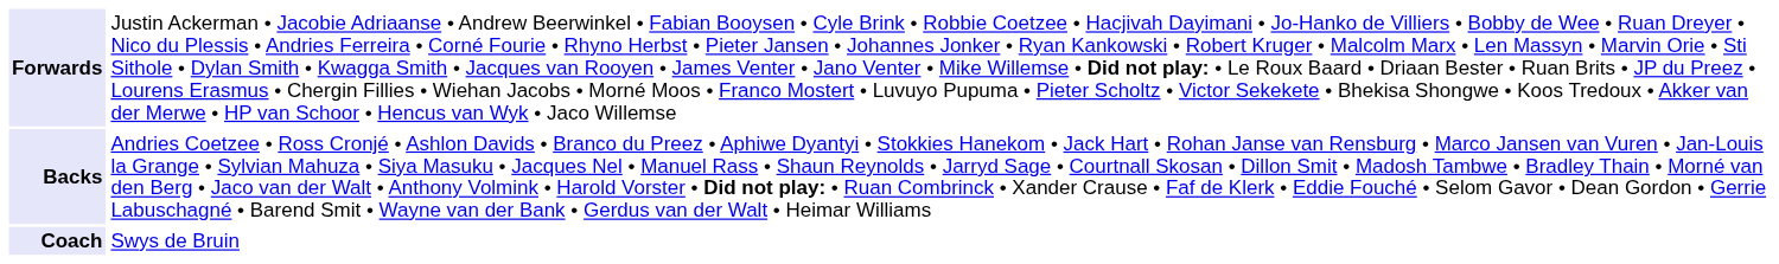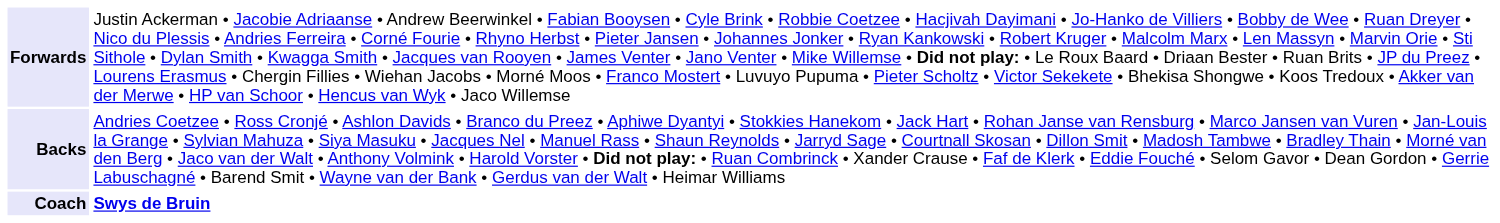 <table cellpadding="2" style="border: 1px solid white; font-size:90%;">
 <tr>
 <td style="text-align:right;" bgcolor="lavender"><strong>Forwards</strong></td>
 <td style="text-align:left;">Justin Ackerman • <a href='#'>Jacobie Adriaanse</a> • Andrew Beerwinkel • <a href='#'>Fabian Booysen</a> • <a href='#'>Cyle Brink</a> • <a href='#'>Robbie Coetzee</a> • <a href='#'>Hacjivah Dayimani</a> • <a href='#'>Jo-Hanko de Villiers</a> • <a href='#'>Bobby de Wee</a> • <a href='#'>Ruan Dreyer</a> • <a href='#'>Nico du Plessis</a> • <a href='#'>Andries Ferreira</a> • <a href='#'>Corné Fourie</a> • <a href='#'>Rhyno Herbst</a> • <a href='#'>Pieter Jansen</a> • <a href='#'>Johannes Jonker</a> • <a href='#'>Ryan Kankowski</a> • <a href='#'>Robert Kruger</a> • <a href='#'>Malcolm Marx</a> • <a href='#'>Len Massyn</a> • <a href='#'>Marvin Orie</a> • <a href='#'>Sti Sithole</a> • <a href='#'>Dylan Smith</a> • <a href='#'>Kwagga Smith</a> • <a href='#'>Jacques van Rooyen</a> • <a href='#'>James Venter</a> • <a href='#'>Jano Venter</a> • <a href='#'>Mike Willemse</a> • <strong>Did not play:</strong> • Le Roux Baard • Driaan Bester • Ruan Brits • <a href='#'>JP du Preez</a> • <a href='#'>Lourens Erasmus</a> • Chergin Fillies • Wiehan Jacobs • Morné Moos • <a href='#'>Franco Mostert</a> • Luvuyo Pupuma • <a href='#'>Pieter Scholtz</a> • <a href='#'>Victor Sekekete</a> • Bhekisa Shongwe • Koos Tredoux • <a href='#'>Akker van der Merwe</a> • <a href='#'>HP van Schoor</a> • <a href='#'>Hencus van Wyk</a> • Jaco Willemse</td>
 </tr>
 <tr>
 <td style="text-align:right;" bgcolor="lavender"><strong>Backs</strong></td>
 <td style="text-align:left;"><a href='#'>Andries Coetzee</a> • <a href='#'>Ross Cronjé</a> • <a href='#'>Ashlon Davids</a> • <a href='#'>Branco du Preez</a> • <a href='#'>Aphiwe Dyantyi</a> • <a href='#'>Stokkies Hanekom</a> • <a href='#'>Jack Hart</a> • <a href='#'>Rohan Janse van Rensburg</a> • <a href='#'>Marco Jansen van Vuren</a> • <a href='#'>Jan-Louis la Grange</a> • <a href='#'>Sylvian Mahuza</a> • <a href='#'>Siya Masuku</a> • <a href='#'>Jacques Nel</a> • <a href='#'>Manuel Rass</a> • <a href='#'>Shaun Reynolds</a> • <a href='#'>Jarryd Sage</a> • <a href='#'>Courtnall Skosan</a> • <a href='#'>Dillon Smit</a> • <a href='#'>Madosh Tambwe</a> • <a href='#'>Bradley Thain</a> • <a href='#'>Morné van den Berg</a> • <a href='#'>Jaco van der Walt</a> • <a href='#'>Anthony Volmink</a> • <a href='#'>Harold Vorster</a> • <strong>Did not play:</strong> • <a href='#'>Ruan Combrinck</a> • Xander Crause • <a href='#'>Faf de Klerk</a> • <a href='#'>Eddie Fouché</a> • Selom Gavor • Dean Gordon • <a href='#'>Gerrie Labuschagné</a> • Barend Smit • <a href='#'>Wayne van der Bank</a> • <a href='#'>Gerdus van der Walt</a> • Heimar Williams</td>
 </tr>
 <tr>
 <td style="text-align:right;" bgcolor="lavender"><strong>Coach</strong></td>
-<td style="text-align:left;"><a href='#'>Swys de Bruin</a></td>
+<td style="text-align:left;"><strong><a href='#'>Swys de Bruin</a></strong></td>
 </tr>
 </table>
